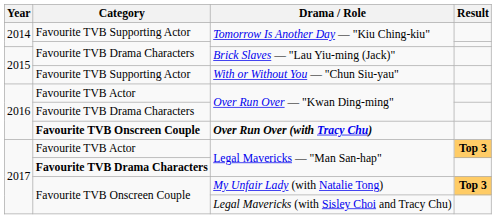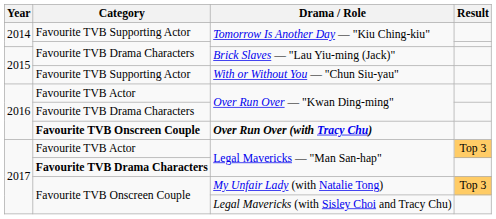 <table class="wikitable sortable">
 <tr>
 <th>Year</th>
 <th>Category</th>
 <th>Drama / Role</th>
 <th>Result</th>
 </tr>
 <tr>
 <td rowspan=2>2014</td>
 <td>Favourite TVB Supporting Actor</td>
 <td rowspan=2><em><a href='#'>Tomorrow Is Another Day</a></em> — "Kiu Ching-kiu"</td>
 <td></td>
 </tr>
 <tr>
 <td rowspan=2>Favourite TVB Drama Characters</td>
 <td></td>
 </tr>
 <tr>
 <td rowspan=2>2015</td>
 <td><em><a href='#'>Brick Slaves</a></em> — "Lau Yiu-ming (Jack)"</td>
 <td></td>
 </tr>
 <tr>
 <td>Favourite TVB Supporting Actor</td>
 <td><em><a href='#'>With or Without You</a></em> — "Chun Siu-yau"</td>
 <td></td>
 </tr>
 <tr>
 <td rowspan=3>2016</td>
 <td>Favourite TVB Actor</td>
 <td rowspan=2><em><a href='#'>Over Run Over</a></em> — "Kwan Ding-ming"</td>
 <td></td>
 </tr>
 <tr>
 <td>Favourite TVB Drama Characters</td>
 <td></td>
 </tr>
 <tr>
 <td><strong> Favourite TVB Onscreen Couple </strong></td>
 <td><strong><em>Over Run Over<em> (with <a href='#'>Tracy Chu</a>) <strong></td>
 <td></td>
 </tr>
 <tr>
 <td rowspan=4>2017</td>
 <td>Favourite TVB Actor</td>
 <td rowspan=2></em></strong><a href='#'>Legal Mavericks</a></em> — "Man San-hap"</strong></td>
-<td style="text-align:center; background: #ffcc66;"><strong>Top 3</strong></td>
+<td style="text-align:center; background: #ffcc66;">Top 3</td>
 </tr>
 <tr>
 <td><strong> Favourite TVB Drama Characters </strong></td>
 <td></td>
 </tr>
 <tr>
 <td rowspan=2>Favourite TVB Onscreen Couple</td>
 <td><em><a href='#'>My Unfair Lady</a></em> (with <a href='#'>Natalie Tong</a>)</td>
-<td style="text-align:center; background: #ffcc66;"><strong>Top 3</strong></td>
+<td style="text-align:center; background: #ffcc66;">Top 3</td>
 </tr>
 <tr>
 <td><em>Legal Mavericks</em> (with <a href='#'>Sisley Choi</a> and Tracy Chu)</td>
 <td></td>
 </tr>
 </table>
